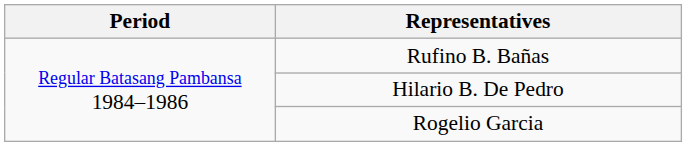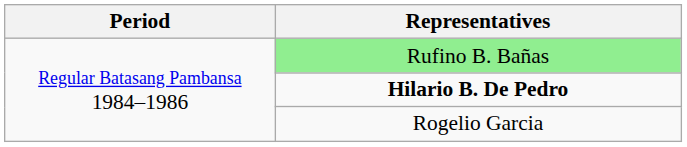 <table class="wikitable" style="text-align:center; width:40%;">
 <tr>
 <th width="40%">Period</th>
 <th>Representatives</th>
 </tr>
 <tr>
 <td rowspan="3"><small><a href='#'>Regular Batasang Pambansa</a></small><br>1984–1986</td>
-<td>Rufino B. Bañas</td>
+<td style="background: lightgreen;">Rufino B. Bañas</td>
 </tr>
 <tr>
-<td>Hilario B. De Pedro</td>
+<td><strong>Hilario B. De Pedro</strong></td>
 </tr>
 <tr>
 <td>Rogelio Garcia</td>
 </tr>
 </table>
